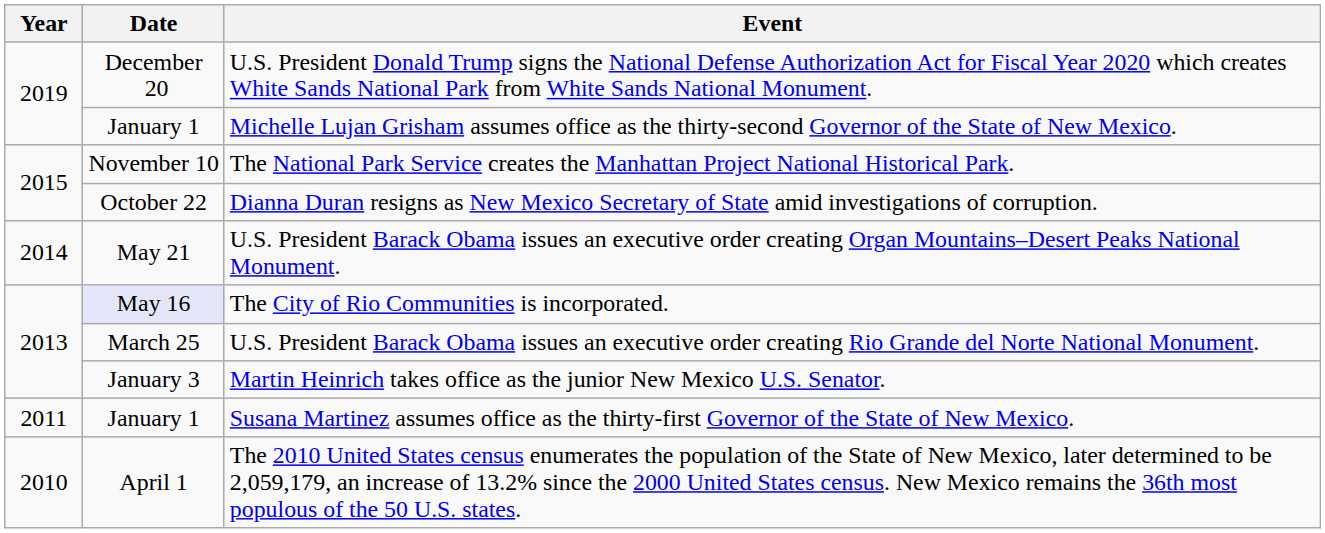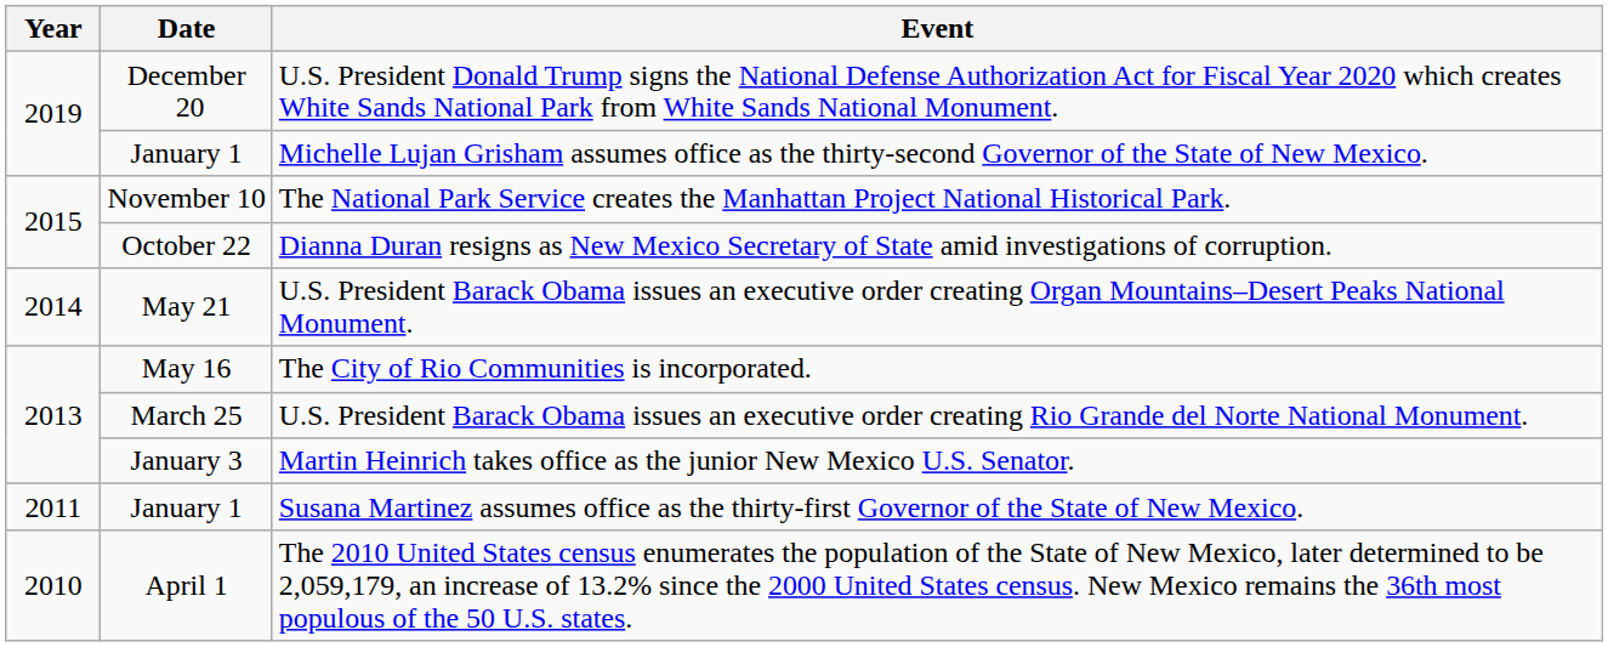 <table class="wikitable" style="width:100%;">
 <tr>
 <th style="width:6%">Year</th>
 <th style="width:8%">Date</th>
 <th style="width:86%">Event</th>
 </tr>
 <tr>
 <td align=center rowspan=2>2019</td>
 <td align=center>December  20</td>
 <td>U.S. President <a href='#'>Donald Trump</a> signs the <a href='#'>National Defense Authorization Act for Fiscal Year 2020</a> which creates <a href='#'>White Sands National Park</a> from <a href='#'>White Sands National Monument</a>.</td>
 </tr>
 <tr>
 <td align=center>January 1</td>
 <td><a href='#'>Michelle Lujan Grisham</a> assumes office as the thirty-second <a href='#'>Governor of the State of New Mexico</a>.</td>
 </tr>
 <tr>
 <td align=center rowspan=2>2015</td>
 <td align=center>November 10</td>
 <td>The <a href='#'>National Park Service</a> creates the <a href='#'>Manhattan Project National Historical Park</a>.</td>
 </tr>
 <tr>
 <td align=center>October 22</td>
 <td><a href='#'>Dianna Duran</a> resigns as <a href='#'>New Mexico Secretary of State</a> amid investigations of corruption.</td>
 </tr>
 <tr>
 <td align=center rowspan=1>2014</td>
 <td align=center>May 21</td>
 <td>U.S. President <a href='#'>Barack Obama</a> issues an executive order creating <a href='#'>Organ Mountains–Desert Peaks National Monument</a>.</td>
 </tr>
 <tr>
 <td align=center rowspan=3>2013</td>
-<td align=center style="background: lavender;">May 16</td>
+<td align=center>May 16</td>
 <td>The <a href='#'>City of Rio Communities</a> is incorporated.</td>
 </tr>
 <tr>
 <td align=center>March 25</td>
 <td>U.S. President <a href='#'>Barack Obama</a> issues an executive order creating <a href='#'>Rio Grande del Norte National Monument</a>.</td>
 </tr>
 <tr>
 <td align=center>January 3</td>
 <td><a href='#'>Martin Heinrich</a> takes office as the junior New Mexico <a href='#'>U.S. Senator</a>.</td>
 </tr>
 <tr>
 <td align=center rowspan=1>2011</td>
 <td align=center>January 1</td>
 <td><a href='#'>Susana Martinez</a> assumes office as the thirty-first <a href='#'>Governor of the State of New Mexico</a>.</td>
 </tr>
 <tr>
 <td align=center rowspan=1>2010</td>
 <td align=center>April 1</td>
 <td>The <a href='#'>2010 United States census</a> enumerates the population of the State of New Mexico, later determined to be 2,059,179, an increase of 13.2% since the <a href='#'>2000 United States census</a>. New Mexico remains the <a href='#'>36th most populous of the 50 U.S. states</a>.</td>
 </tr>
 </table>
